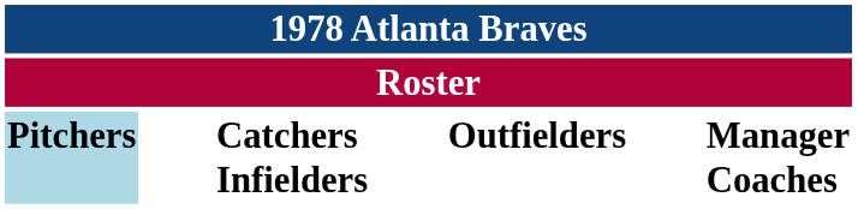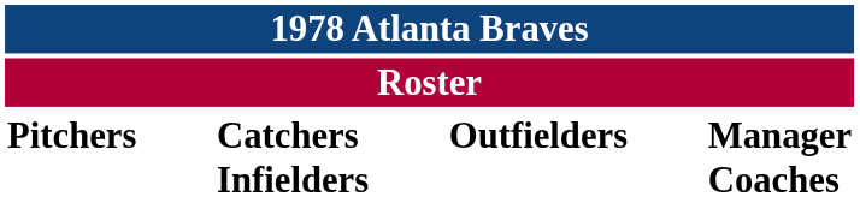 <table class="toccolours" style="font-size: 95%;">
 <tr>
 <th colspan="10" style="background-color: #0f437c; color: white; text-align: center;">1978 Atlanta Braves</th>
 </tr>
 <tr>
 <td colspan="10" style="background-color: #af0039; color: white; text-align: center;"><strong>Roster</strong></td>
 </tr>
 <tr>
-<td valign="top" style="background: lightblue;"><strong>Pitchers</strong><br>                 </td>
+<td valign="top"><strong>Pitchers</strong><br>                 </td>
 <td width="25px"></td>
 <td valign="top"><strong>Catchers</strong><br>   <strong>Infielders</strong>             </td>
 <td width="25px"></td>
 <td valign="top"><strong>Outfielders</strong><br>       </td>
 <td width="25px"></td>
 <td valign="top"><strong>Manager</strong><br> <strong>Coaches</strong>    </td>
 </tr>
 </table>
